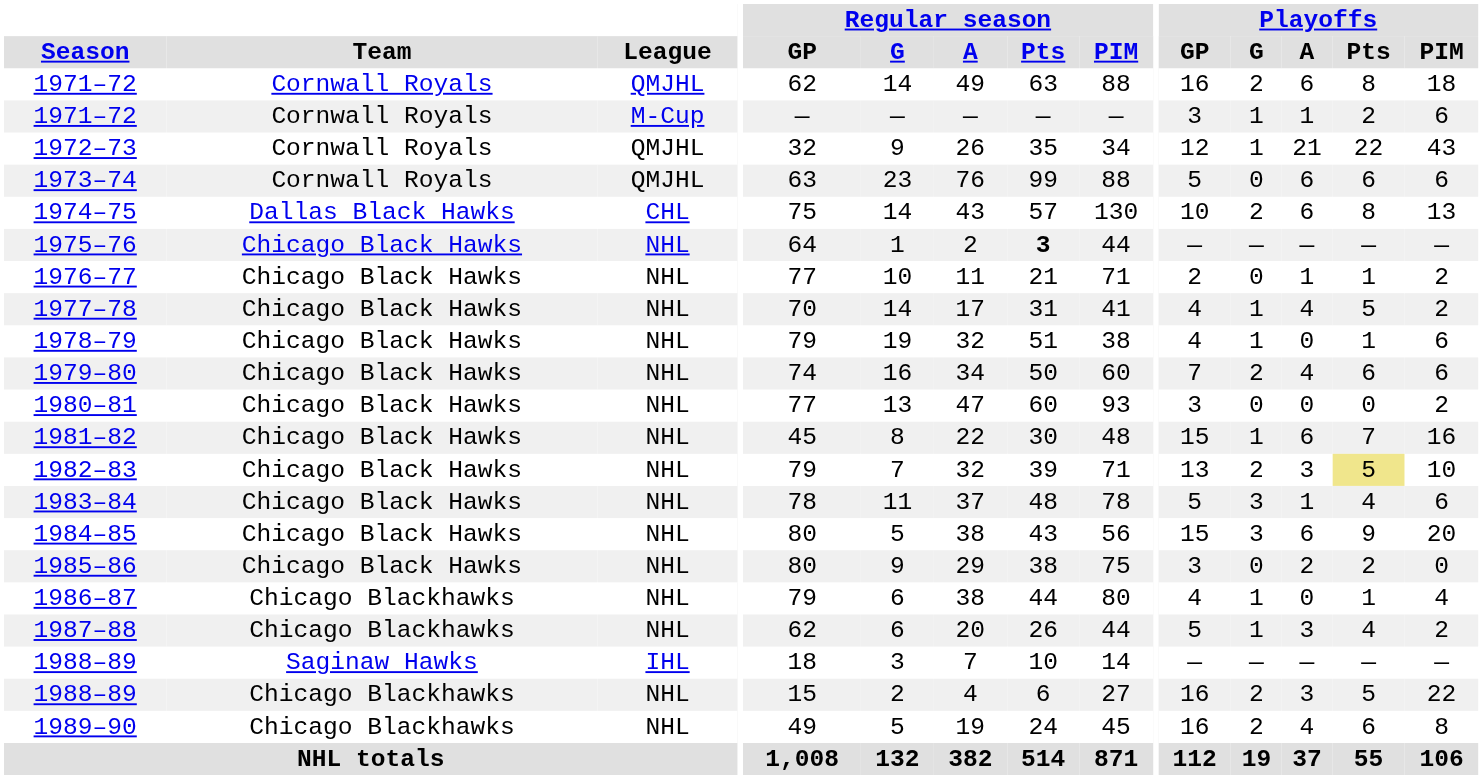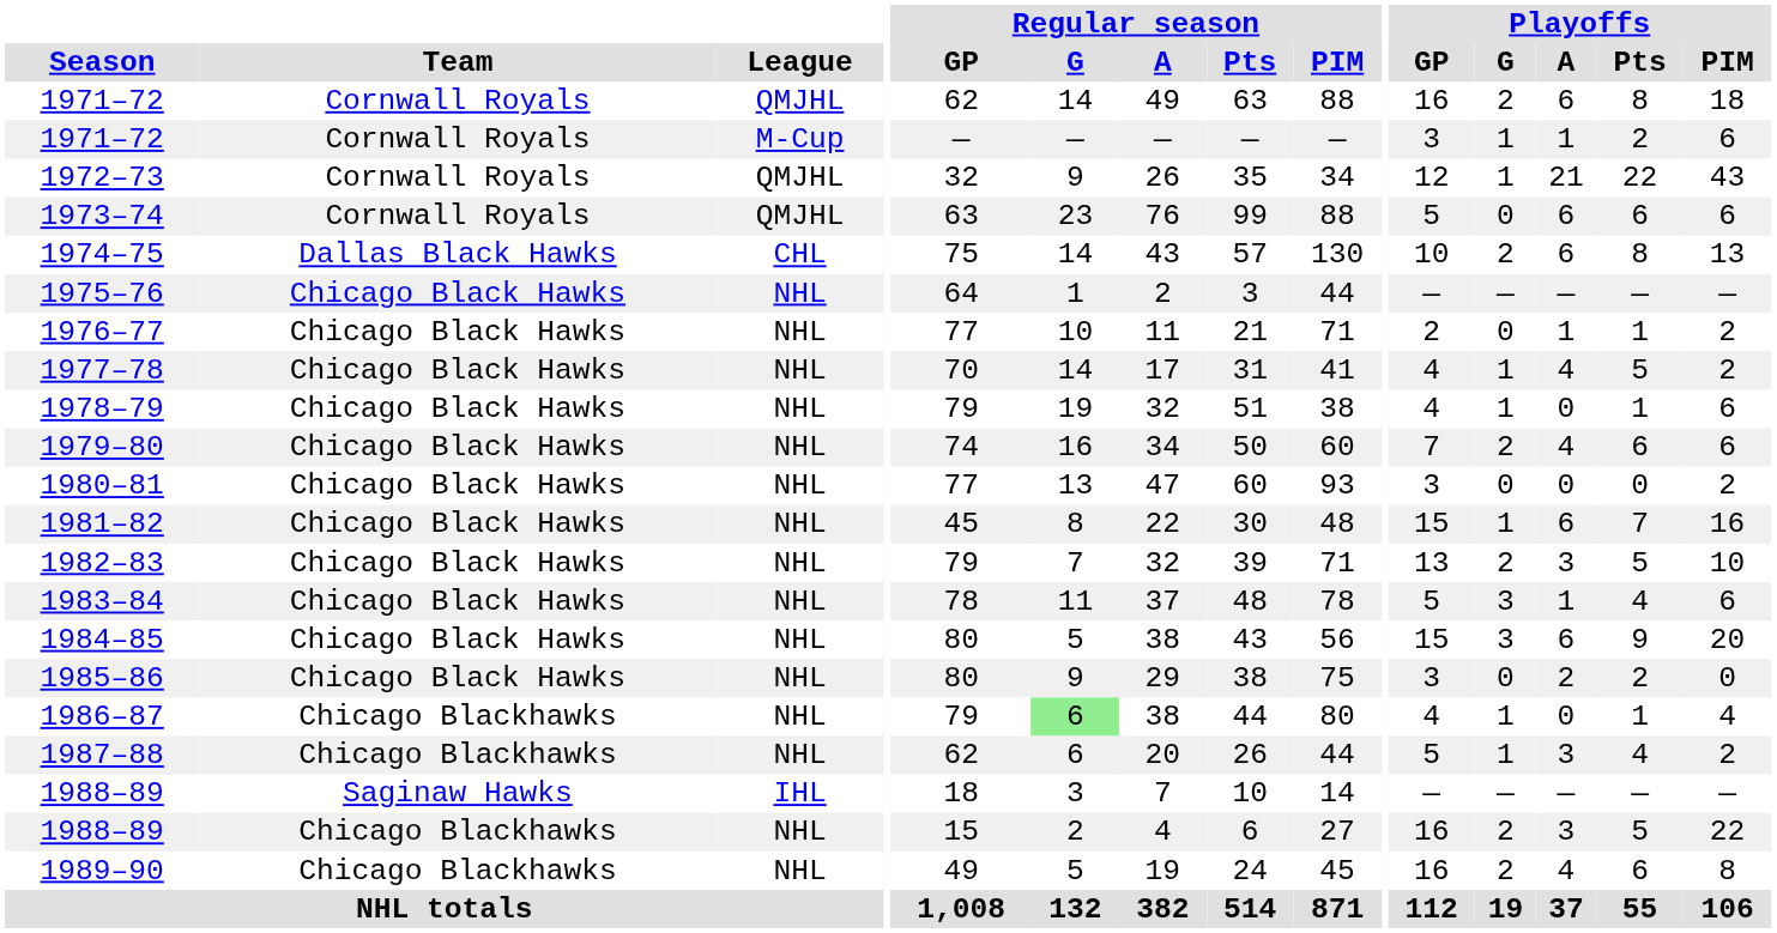 <table border="0" cellpadding="1" cellspacing="0" style="text-align:center; width:60em;">
 <tr style="background:#e0e0e0;">
 <th colspan="3" bgcolor="#ffffff"></th>
 <th rowspan="99" bgcolor="#ffffff"></th>
 <th colspan="5"><a href='#'>Regular season</a></th>
 <th rowspan="99" bgcolor="#ffffff"></th>
 <th colspan="5"><a href='#'>Playoffs</a></th>
 </tr>
 <tr style="background:#e0e0e0;">
 <th><a href='#'>Season</a></th>
 <th>Team</th>
 <th>League</th>
 <th>GP</th>
 <th><a href='#'>G</a></th>
 <th><a href='#'>A</a></th>
 <th><a href='#'>Pts</a></th>
 <th><a href='#'>PIM</a></th>
 <th>GP</th>
 <th>G</th>
 <th>A</th>
 <th>Pts</th>
 <th>PIM</th>
 </tr>
 <tr>
 <td><a href='#'>1971–72</a></td>
 <td><a href='#'>Cornwall Royals</a></td>
 <td><a href='#'>QMJHL</a></td>
 <td>62</td>
 <td>14</td>
 <td>49</td>
 <td>63</td>
 <td>88</td>
 <td>16</td>
 <td>2</td>
 <td>6</td>
 <td>8</td>
 <td>18</td>
 </tr>
 <tr style="background:#f0f0f0;">
 <td><a href='#'>1971–72</a></td>
 <td>Cornwall Royals</td>
 <td><a href='#'>M-Cup</a></td>
 <td>—</td>
 <td>—</td>
 <td>—</td>
 <td>—</td>
 <td>—</td>
 <td>3</td>
 <td>1</td>
 <td>1</td>
 <td>2</td>
 <td>6</td>
 </tr>
 <tr>
 <td><a href='#'>1972–73</a></td>
 <td>Cornwall Royals</td>
 <td>QMJHL</td>
 <td>32</td>
 <td>9</td>
 <td>26</td>
 <td>35</td>
 <td>34</td>
 <td>12</td>
 <td>1</td>
 <td>21</td>
 <td>22</td>
 <td>43</td>
 </tr>
 <tr style="background:#f0f0f0;">
 <td><a href='#'>1973–74</a></td>
 <td>Cornwall Royals</td>
 <td>QMJHL</td>
 <td>63</td>
 <td>23</td>
 <td>76</td>
 <td>99</td>
 <td>88</td>
 <td>5</td>
 <td>0</td>
 <td>6</td>
 <td>6</td>
 <td>6</td>
 </tr>
 <tr>
 <td><a href='#'>1974–75</a></td>
 <td><a href='#'>Dallas Black Hawks</a></td>
 <td><a href='#'>CHL</a></td>
 <td>75</td>
 <td>14</td>
 <td>43</td>
 <td>57</td>
 <td>130</td>
 <td>10</td>
 <td>2</td>
 <td>6</td>
 <td>8</td>
 <td>13</td>
 </tr>
 <tr style="background:#f0f0f0;">
 <td><a href='#'>1975–76</a></td>
 <td><a href='#'>Chicago Black Hawks</a></td>
 <td><a href='#'>NHL</a></td>
 <td>64</td>
 <td>1</td>
 <td>2</td>
-<td><strong>3</strong></td>
+<td>3</td>
 <td>44</td>
 <td>—</td>
 <td>—</td>
 <td>—</td>
 <td>—</td>
 <td>—</td>
 </tr>
 <tr>
 <td><a href='#'>1976–77</a></td>
 <td>Chicago Black Hawks</td>
 <td>NHL</td>
 <td>77</td>
 <td>10</td>
 <td>11</td>
 <td>21</td>
 <td>71</td>
 <td>2</td>
 <td>0</td>
 <td>1</td>
 <td>1</td>
 <td>2</td>
 </tr>
 <tr style="background:#f0f0f0;">
 <td><a href='#'>1977–78</a></td>
 <td>Chicago Black Hawks</td>
 <td>NHL</td>
 <td>70</td>
 <td>14</td>
 <td>17</td>
 <td>31</td>
 <td>41</td>
 <td>4</td>
 <td>1</td>
 <td>4</td>
 <td>5</td>
 <td>2</td>
 </tr>
 <tr>
 <td><a href='#'>1978–79</a></td>
 <td>Chicago Black Hawks</td>
 <td>NHL</td>
 <td>79</td>
 <td>19</td>
 <td>32</td>
 <td>51</td>
 <td>38</td>
 <td>4</td>
 <td>1</td>
 <td>0</td>
 <td>1</td>
 <td>6</td>
 </tr>
 <tr style="background:#f0f0f0;">
 <td><a href='#'>1979–80</a></td>
 <td>Chicago Black Hawks</td>
 <td>NHL</td>
 <td>74</td>
 <td>16</td>
 <td>34</td>
 <td>50</td>
 <td>60</td>
 <td>7</td>
 <td>2</td>
 <td>4</td>
 <td>6</td>
 <td>6</td>
 </tr>
 <tr>
 <td><a href='#'>1980–81</a></td>
 <td>Chicago Black Hawks</td>
 <td>NHL</td>
 <td>77</td>
 <td>13</td>
 <td>47</td>
 <td>60</td>
 <td>93</td>
 <td>3</td>
 <td>0</td>
 <td>0</td>
 <td>0</td>
 <td>2</td>
 </tr>
 <tr style="background:#f0f0f0;">
 <td><a href='#'>1981–82</a></td>
 <td>Chicago Black Hawks</td>
 <td>NHL</td>
 <td>45</td>
 <td>8</td>
 <td>22</td>
 <td>30</td>
 <td>48</td>
 <td>15</td>
 <td>1</td>
 <td>6</td>
 <td>7</td>
 <td>16</td>
 </tr>
 <tr>
 <td><a href='#'>1982–83</a></td>
 <td>Chicago Black Hawks</td>
 <td>NHL</td>
 <td>79</td>
 <td>7</td>
 <td>32</td>
 <td>39</td>
 <td>71</td>
 <td>13</td>
 <td>2</td>
 <td>3</td>
-<td style="background: khaki;">5</td>
+<td>5</td>
 <td>10</td>
 </tr>
 <tr style="background:#f0f0f0;">
 <td><a href='#'>1983–84</a></td>
 <td>Chicago Black Hawks</td>
 <td>NHL</td>
 <td>78</td>
 <td>11</td>
 <td>37</td>
 <td>48</td>
 <td>78</td>
 <td>5</td>
 <td>3</td>
 <td>1</td>
 <td>4</td>
 <td>6</td>
 </tr>
 <tr>
 <td><a href='#'>1984–85</a></td>
 <td>Chicago Black Hawks</td>
 <td>NHL</td>
 <td>80</td>
 <td>5</td>
 <td>38</td>
 <td>43</td>
 <td>56</td>
 <td>15</td>
 <td>3</td>
 <td>6</td>
 <td>9</td>
 <td>20</td>
 </tr>
 <tr style="background:#f0f0f0;">
 <td><a href='#'>1985–86</a></td>
 <td>Chicago Black Hawks</td>
 <td>NHL</td>
 <td>80</td>
 <td>9</td>
 <td>29</td>
 <td>38</td>
 <td>75</td>
 <td>3</td>
 <td>0</td>
 <td>2</td>
 <td>2</td>
 <td>0</td>
 </tr>
 <tr>
 <td><a href='#'>1986–87</a></td>
 <td>Chicago Blackhawks</td>
 <td>NHL</td>
 <td>79</td>
-<td>6</td>
+<td style="background: lightgreen;">6</td>
 <td>38</td>
 <td>44</td>
 <td>80</td>
 <td>4</td>
 <td>1</td>
 <td>0</td>
 <td>1</td>
 <td>4</td>
 </tr>
 <tr style="background:#f0f0f0;">
 <td><a href='#'>1987–88</a></td>
 <td>Chicago Blackhawks</td>
 <td>NHL</td>
 <td>62</td>
 <td>6</td>
 <td>20</td>
 <td>26</td>
 <td>44</td>
 <td>5</td>
 <td>1</td>
 <td>3</td>
 <td>4</td>
 <td>2</td>
 </tr>
 <tr>
 <td><a href='#'>1988–89</a></td>
 <td><a href='#'>Saginaw Hawks</a></td>
 <td><a href='#'>IHL</a></td>
 <td>18</td>
 <td>3</td>
 <td>7</td>
 <td>10</td>
 <td>14</td>
 <td>—</td>
 <td>—</td>
 <td>—</td>
 <td>—</td>
 <td>—</td>
 </tr>
 <tr style="background:#f0f0f0;">
 <td><a href='#'>1988–89</a></td>
 <td>Chicago Blackhawks</td>
 <td>NHL</td>
 <td>15</td>
 <td>2</td>
 <td>4</td>
 <td>6</td>
 <td>27</td>
 <td>16</td>
 <td>2</td>
 <td>3</td>
 <td>5</td>
 <td>22</td>
 </tr>
 <tr>
 <td><a href='#'>1989–90</a></td>
 <td>Chicago Blackhawks</td>
 <td>NHL</td>
 <td>49</td>
 <td>5</td>
 <td>19</td>
 <td>24</td>
 <td>45</td>
 <td>16</td>
 <td>2</td>
 <td>4</td>
 <td>6</td>
 <td>8</td>
 </tr>
 <tr style="background:#e0e0e0;">
 <th colspan="3">NHL totals</th>
 <th>1,008</th>
 <th>132</th>
 <th>382</th>
 <th>514</th>
 <th>871</th>
 <th>112</th>
 <th>19</th>
 <th>37</th>
 <th>55</th>
 <th>106</th>
 </tr>
 </table>
